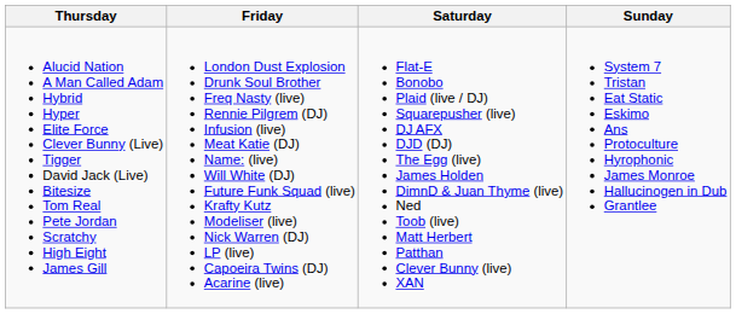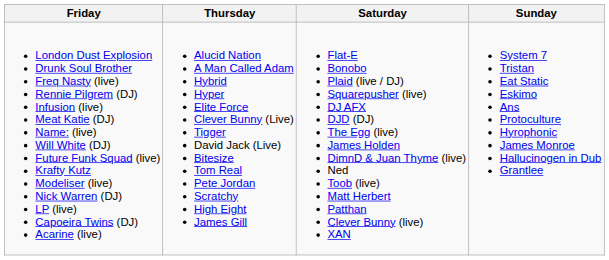 <table class="wikitable">
 <tr>
+<th>Friday</th>
 <th>Thursday</th>
-<th>Friday</th>
 <th>Saturday</th>
 <th>Sunday</th>
 </tr>
 <tr valign="top">
+<td><br><ul><li><a href='#'>London Dust Explosion</a></li><li><a href='#'>Drunk Soul Brother</a></li><li><a href='#'>Freq Nasty</a> (live)</li><li><a href='#'>Rennie Pilgrem</a> (DJ)</li><li><a href='#'>Infusion</a> (live)</li><li><a href='#'>Meat Katie</a> (DJ)</li><li><a href='#'>Name:</a> (live)</li><li><a href='#'>Will White</a> (DJ)</li><li><a href='#'>Future Funk Squad</a> (live)</li><li><a href='#'>Krafty Kutz</a></li><li><a href='#'>Modeliser</a> (live)</li><li><a href='#'>Nick Warren</a> (DJ)</li><li><a href='#'>LP</a> (live)</li><li><a href='#'>Capoeira Twins</a> (DJ)</li><li><a href='#'>Acarine</a> (live)</li></ul></td>
 <td><br><ul><li><a href='#'>Alucid Nation</a></li><li><a href='#'>A Man Called Adam</a></li><li><a href='#'>Hybrid</a></li><li><a href='#'>Hyper</a></li><li><a href='#'>Elite Force</a></li><li><a href='#'>Clever Bunny</a> (Live)</li><li><a href='#'>Tigger</a></li><li>David Jack (Live)</li><li><a href='#'>Bitesize</a></li><li><a href='#'>Tom Real</a></li><li><a href='#'>Pete Jordan</a></li><li><a href='#'>Scratchy</a></li><li><a href='#'>High Eight</a></li><li><a href='#'>James Gill</a></li></ul></td>
-<td><br><ul><li><a href='#'>London Dust Explosion</a></li><li><a href='#'>Drunk Soul Brother</a></li><li><a href='#'>Freq Nasty</a> (live)</li><li><a href='#'>Rennie Pilgrem</a> (DJ)</li><li><a href='#'>Infusion</a> (live)</li><li><a href='#'>Meat Katie</a> (DJ)</li><li><a href='#'>Name:</a> (live)</li><li><a href='#'>Will White</a> (DJ)</li><li><a href='#'>Future Funk Squad</a> (live)</li><li><a href='#'>Krafty Kutz</a></li><li><a href='#'>Modeliser</a> (live)</li><li><a href='#'>Nick Warren</a> (DJ)</li><li><a href='#'>LP</a> (live)</li><li><a href='#'>Capoeira Twins</a> (DJ)</li><li><a href='#'>Acarine</a> (live)</li></ul></td>
 <td><br><ul><li><a href='#'>Flat-E</a></li><li><a href='#'>Bonobo</a></li><li><a href='#'>Plaid</a> (live / DJ)</li><li><a href='#'>Squarepusher</a> (live)</li><li><a href='#'>DJ AFX</a></li><li><a href='#'>DJD</a> (DJ)</li><li><a href='#'>The Egg</a> (live)</li><li><a href='#'>James Holden</a></li><li><a href='#'>DimnD & Juan Thyme</a> (live)</li><li>Ned</li><li><a href='#'>Toob</a> (live)</li><li><a href='#'>Matt Herbert</a></li><li><a href='#'>Patthan</a></li><li><a href='#'>Clever Bunny</a> (live)</li><li><a href='#'>XAN</a></li></ul></td>
 <td><br><ul><li><a href='#'>System 7</a></li><li><a href='#'>Tristan</a></li><li><a href='#'>Eat Static</a></li><li><a href='#'>Eskimo</a></li><li><a href='#'>Ans</a></li><li><a href='#'>Protoculture</a></li><li><a href='#'>Hyrophonic</a></li><li><a href='#'>James Monroe</a></li><li><a href='#'>Hallucinogen in Dub</a></li><li><a href='#'>Grantlee</a></li></ul></td>
 </tr>
 </table>
